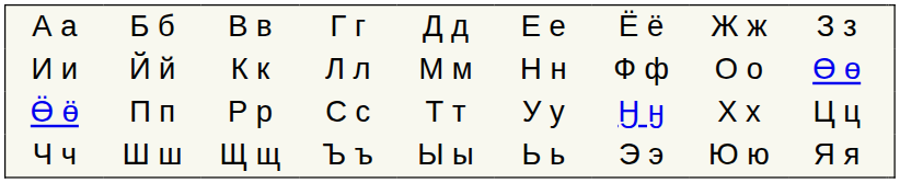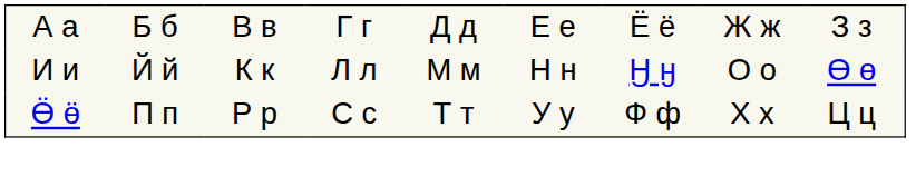 <table style="font-family:Arial; font-size:1.4em; border-color:#000000; border-width:1px; border-style:solid; border-collapse:collapse; background-color:#F8F8EF">
 <tr>
 <td style="width:3em; text-align:center; padding: 3px;">А а</td>
 <td style="width:3em; text-align:center; padding: 3px;">Б б</td>
 <td style="width:3em; text-align:center; padding: 3px;">В в</td>
 <td style="width:3em; text-align:center; padding: 3px;">Г г</td>
 <td style="width:3em; text-align:center; padding: 3px;">Д д</td>
 <td style="width:3em; text-align:center; padding: 3px;">Е е</td>
 <td style="width:3em; text-align:center; padding: 3px;">Ё ё</td>
 <td style="width:3em; text-align:center; padding: 3px;">Ж ж</td>
 <td style="width:3em; text-align:center; padding: 3px;">З з</td>
 <td></td>
 </tr>
 <tr>
 <td style="width:3em; text-align:center; padding: 3px;">И и</td>
 <td style="width:3em; text-align:center; padding: 3px;">Й й</td>
 <td style="width:3em; text-align:center; padding: 3px;">К к</td>
 <td style="width:3em; text-align:center; padding: 3px;">Л л</td>
 <td style="width:3em; text-align:center; padding: 3px;">М м</td>
 <td style="width:3em; text-align:center; padding: 3px;">Н н</td>
-<td style="width:3em; text-align:center; padding: 3px;">Ф ф</td>
+<td style="width:3em; text-align:center; padding: 3px;"><a href='#'>Ӈ ӈ</a></td>
 <td style="width:3em; text-align:center; padding: 3px;">О о</td>
 <td style="width:3em; text-align:center; padding: 3px;"><a href='#'>Ө ө</a></td>
 <td></td>
 </tr>
 <tr>
 <td style="width:3em; text-align:center; padding: 3px;"><a href='#'>Ӫ ӫ</a></td>
 <td style="width:3em; text-align:center; padding: 3px;">П п</td>
 <td style="width:3em; text-align:center; padding: 3px;">Р р</td>
 <td style="width:3em; text-align:center; padding: 3px;">С с</td>
 <td style="width:3em; text-align:center; padding: 3px;">Т т</td>
 <td style="width:3em; text-align:center; padding: 3px;">У у</td>
-<td style="width:3em; text-align:center; padding: 3px;"><a href='#'>Ӈ ӈ</a></td>
+<td style="width:3em; text-align:center; padding: 3px;">Ф ф</td>
 <td style="width:3em; text-align:center; padding: 3px;">Х х</td>
 <td style="width:3em; text-align:center; padding: 3px;">Ц ц</td>
 <td></td>
 </tr>
-<tr>
-<td style="width:3em; text-align:center; padding: 3px;">Ч ч</td>
-<td style="width:3em; text-align:center; padding: 3px;">Ш ш</td>
-<td style="width:3em; text-align:center; padding: 3px;">Щ щ</td>
-<td style="width:3em; text-align:center; padding: 3px;">Ъ ъ</td>
-<td style="width:3em; text-align:center; padding: 3px;">Ы ы</td>
-<td style="width:3em; text-align:center; padding: 3px;">Ь ь</td>
-<td style="width:3em; text-align:center; padding: 3px;">Э э</td>
-<td style="width:3em; text-align:center; padding: 3px;">Ю ю</td>
-<td style="width:3em; text-align:center; padding: 3px;">Я я</td>
-<td></td>
-<td></td>
-<td></td>
-</tr>
 </table>
